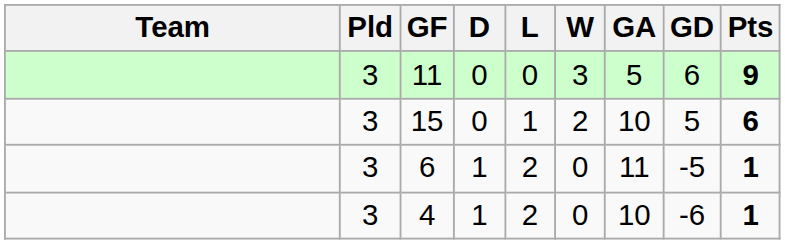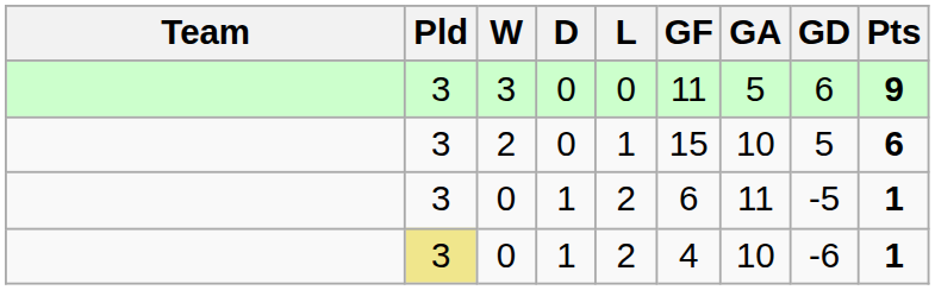 <table class="wikitable" style="text-align: center;">
 <tr>
 <th width="175">Team</th>
 <th width="20">Pld</th>
-<th width="20">GF</th>
+<th width="20">W</th>
 <th width="20">D</th>
 <th width="20">L</th>
-<th width="20">W</th>
+<th width="20">GF</th>
 <th width="20">GA</th>
 <th width="20">GD</th>
 <th width="20">Pts</th>
 </tr>
 <tr bgcolor="#ccffcc">
 <td style="text-align:left;"></td>
 <td>3</td>
-<td>11</td>
+<td>3</td>
 <td>0</td>
 <td>0</td>
-<td>3</td>
+<td>11</td>
 <td>5</td>
 <td>6</td>
 <td><strong>9</strong></td>
 </tr>
 <tr align=center>
 <td style="text-align:left;"></td>
 <td>3</td>
-<td>15</td>
+<td>2</td>
 <td>0</td>
 <td>1</td>
-<td>2</td>
+<td>15</td>
 <td>10</td>
 <td>5</td>
 <td><strong>6</strong></td>
 </tr>
 <tr align=center>
 <td style="text-align:left;"></td>
 <td>3</td>
-<td>6</td>
+<td>0</td>
 <td>1</td>
 <td>2</td>
-<td>0</td>
+<td>6</td>
 <td>11</td>
 <td>-5</td>
 <td><strong>1</strong></td>
 </tr>
 <tr align=center>
 <td style="text-align:left;"></td>
-<td>3</td>
-<td>4</td>
+<td style="background: khaki;">3</td>
+<td>0</td>
 <td>1</td>
 <td>2</td>
-<td>0</td>
+<td>4</td>
 <td>10</td>
 <td>-6</td>
 <td><strong>1</strong></td>
 </tr>
 </table>
